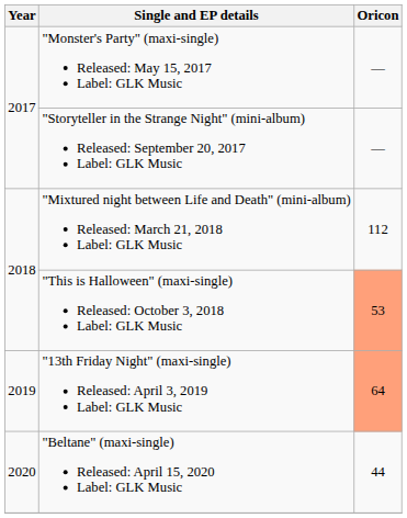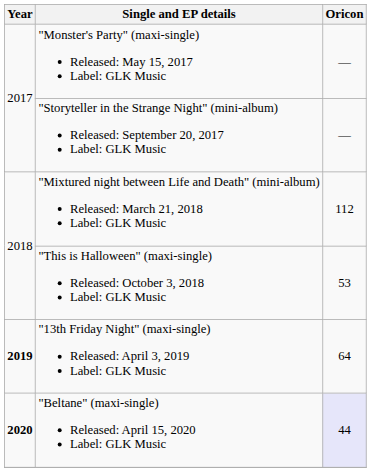 <table class="wikitable">
 <tr>
 <th>Year</th>
 <th>Single and EP details</th>
 <th>Oricon</th>
 </tr>
 <tr>
 <td rowspan="2">2017</td>
 <td>"Monster's Party" (maxi-single)<br><ul><li>Released: May 15, 2017</li><li>Label: GLK Music</li></ul></td>
 <td align="center">—</td>
 </tr>
 <tr>
 <td>"Storyteller in the Strange Night" (mini-album)<br><ul><li>Released: September 20, 2017</li><li>Label: GLK Music</li></ul></td>
 <td align="center">—</td>
 </tr>
 <tr>
 <td rowspan="2">2018</td>
 <td>"Mixtured night between Life and Death" (mini-album)<br><ul><li>Released: March 21, 2018</li><li>Label: GLK Music</li></ul></td>
 <td align="center">112</td>
 </tr>
 <tr>
 <td>"This is Halloween" (maxi-single)<br><ul><li>Released: October 3, 2018</li><li>Label: GLK Music</li></ul></td>
-<td align="center" style="background: lightsalmon;">53</td>
+<td align="center">53</td>
 </tr>
 <tr>
-<td>2019</td>
+<td><strong>2019</strong></td>
 <td>"13th Friday Night" (maxi-single)<br><ul><li>Released: April 3, 2019</li><li>Label: GLK Music</li></ul></td>
-<td align="center" style="background: lightsalmon;">64</td>
+<td align="center">64</td>
 </tr>
 <tr>
-<td>2020</td>
+<td><strong>2020</strong></td>
 <td>"Beltane" (maxi-single)<br><ul><li>Released: April 15, 2020</li><li>Label: GLK Music</li></ul></td>
-<td align="center">44</td>
+<td align="center" style="background: lavender;">44</td>
 </tr>
 <tr>
 </tr>
 </table>
